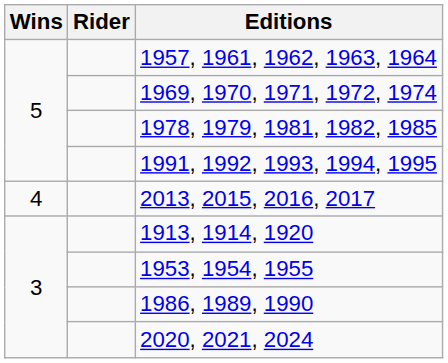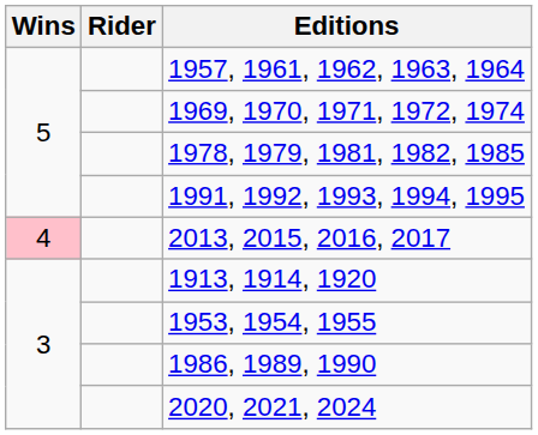 <table class="wikitable">
 <tr>
 <th>Wins</th>
 <th>Rider</th>
 <th>Editions</th>
 </tr>
 <tr>
 <td align=center rowspan= 4>5</td>
 <td></td>
 <td><a href='#'>1957</a>, <a href='#'>1961</a>, <a href='#'>1962</a>, <a href='#'>1963</a>, <a href='#'>1964</a></td>
 </tr>
 <tr>
 <td></td>
 <td><a href='#'>1969</a>, <a href='#'>1970</a>, <a href='#'>1971</a>, <a href='#'>1972</a>, <a href='#'>1974</a></td>
 </tr>
 <tr>
 <td></td>
 <td><a href='#'>1978</a>, <a href='#'>1979</a>, <a href='#'>1981</a>, <a href='#'>1982</a>, <a href='#'>1985</a></td>
 </tr>
 <tr>
 <td></td>
 <td><a href='#'>1991</a>, <a href='#'>1992</a>, <a href='#'>1993</a>, <a href='#'>1994</a>, <a href='#'>1995</a></td>
 </tr>
 <tr>
-<td align=center>4</td>
+<td align=center style="background: pink;">4</td>
 <td></td>
 <td><a href='#'>2013</a>, <a href='#'>2015</a>, <a href='#'>2016</a>, <a href='#'>2017</a></td>
 </tr>
 <tr>
 <td align=center rowspan=4>3</td>
 <td></td>
 <td><a href='#'>1913</a>, <a href='#'>1914</a>, <a href='#'>1920</a></td>
 </tr>
 <tr>
 <td></td>
 <td><a href='#'>1953</a>, <a href='#'>1954</a>, <a href='#'>1955</a></td>
 </tr>
 <tr>
 <td></td>
 <td><a href='#'>1986</a>, <a href='#'>1989</a>, <a href='#'>1990</a></td>
 </tr>
 <tr>
 <td></td>
 <td><a href='#'>2020</a>, <a href='#'>2021</a>, <a href='#'>2024</a></td>
 </tr>
 </table>
